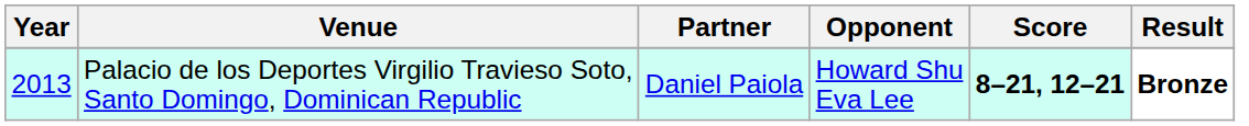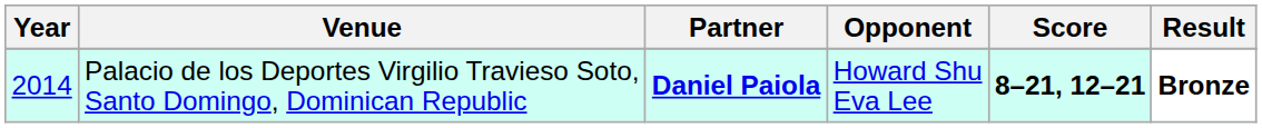 <table class="sortable wikitable" style="font-size: 90%;">
 <tr>
 <th>Year</th>
 <th>Venue</th>
 <th>Partner</th>
 <th>Opponent</th>
 <th>Score</th>
 <th>Result</th>
 </tr>
 <tr>
 </tr>
 <tr style="background:#CDFFF4">
-<td align="center"><a href='#'>2013</a></td>
+<td align="center"><a href='#'>2014</a></td>
 <td align="left">Palacio de los Deportes Virgilio Travieso Soto,<br> <a href='#'>Santo Domingo</a>, <a href='#'>Dominican Republic</a></td>
-<td align="left"> <a href='#'>Daniel Paiola</a></td>
+<td align="left"><strong> <a href='#'>Daniel Paiola</a></strong></td>
 <td align="left"> <a href='#'>Howard Shu</a><br> <a href='#'>Eva Lee</a></td>
 <td align="center"><strong>8–21, 12–21</strong></td>
 <td style="text-align:left; background:white"> <strong>Bronze</strong></td>
 </tr>
 </table>
